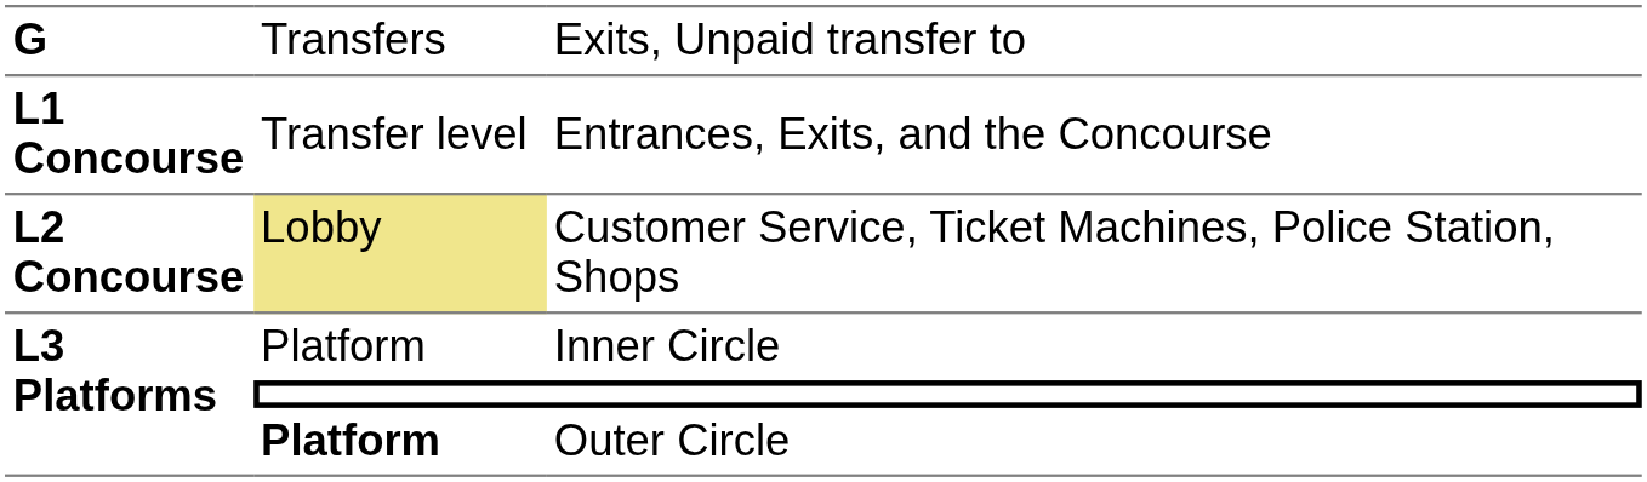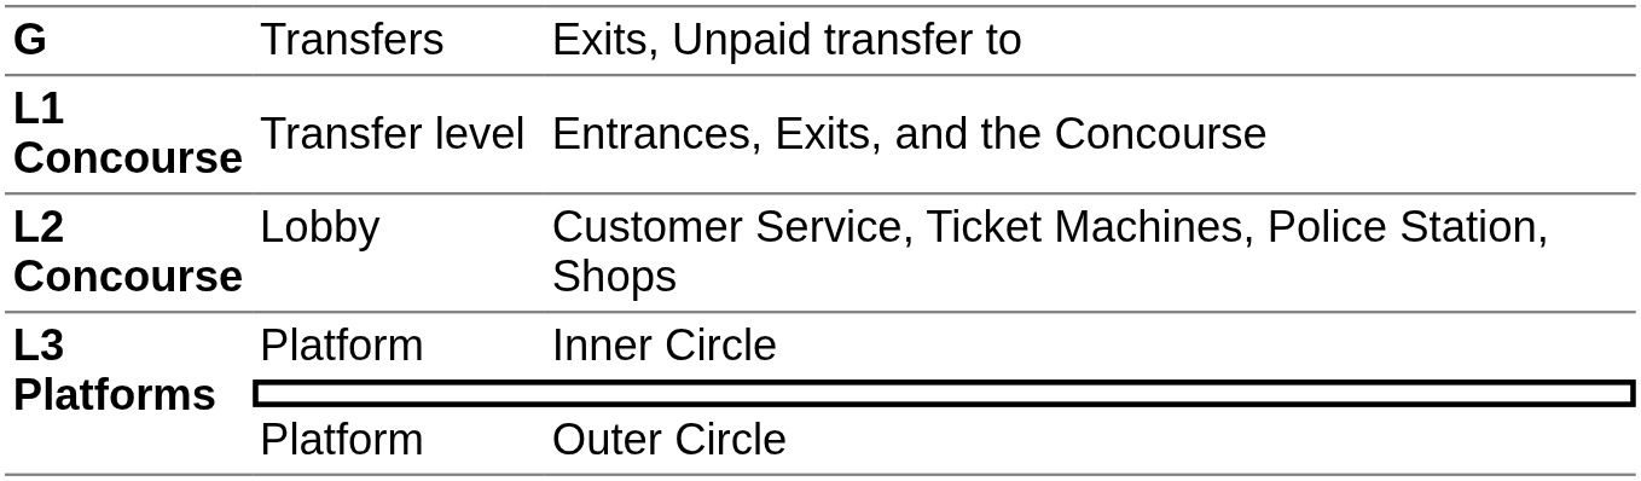 <table table border=0 cellspacing=0 cellpadding=3>
 <tr>
 <td style="border-bottom:solid 1px gray; border-top:solid 1px gray;" width=50 valign=top><strong>G</strong></td>
 <td style="border-bottom:solid 1px gray; border-top:solid 1px gray;" width=100 valign=top>Transfers</td>
 <td style="border-bottom:solid 1px gray; border-top:solid 1px gray;" width=390 valign=top>Exits, Unpaid transfer to </td>
 </tr>
 <tr>
 <td><strong>L1<br>Concourse</strong></td>
 <td>Transfer level</td>
 <td>Entrances, Exits, and the Concourse</td>
 </tr>
 <tr>
 <td style="border-bottom:solid 1px gray; border-top:solid 1px gray;" width=50 valign=top><strong>L2<br>Concourse</strong></td>
-<td style="background: khaki; border-bottom:solid 1px gray; border-top:solid 1px gray;" width=100 valign=top> Lobby</td>
+<td style="border-bottom:solid 1px gray; border-top:solid 1px gray;" width=100 valign=top> Lobby</td>
 <td style="border-bottom:solid 1px gray; border-top: solid 1px gray;" width=390 valign=top>Customer Service, Ticket Machines, Police Station, Shops<br></td>
 </tr>
 <tr>
 <td style="border-bottom:solid 1px gray;" rowspan=3 valign=top><strong>L3<br>Platforms</strong></td>
 <td>Platform </td>
 <td>  Inner Circle </td>
 </tr>
 <tr>
 <td style="border-right:solid 2px black;border-left:solid 2px black;border-top:solid 2px black;border-bottom:solid 2px black;text-align:center;" colspan=2></td>
 </tr>
 <tr>
-<td style="border-bottom:solid 1px gray;"><strong>Platform </strong></td>
+<td style="border-bottom:solid 1px gray;">Platform </td>
 <td style="border-bottom:solid 1px gray;"> Outer Circle  </td>
 </tr>
 </table>
